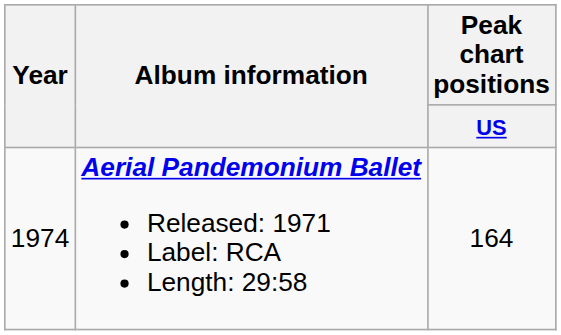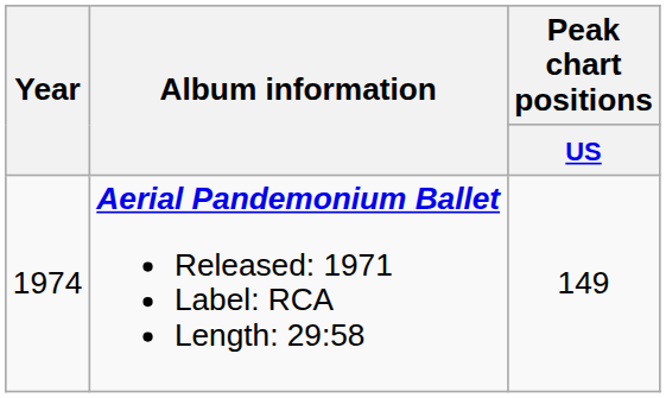 <table class="wikitable">
 <tr>
 <th rowspan="2">Year</th>
 <th rowspan="2">Album information</th>
 <th colspan="1">Peak chart positions</th>
 </tr>
 <tr>
 <th width="35"><small><a href='#'>US</a></small></th>
 </tr>
 <tr>
 <td>1974</td>
 <td><strong><em><a href='#'>Aerial Pandemonium Ballet</a></em></strong><br><ul><li>Released: 1971</li><li>Label: RCA</li><li>Length: 29:58</li></ul></td>
-<td align="center">164</td>
+<td align="center">149</td>
 </tr>
 </table>
